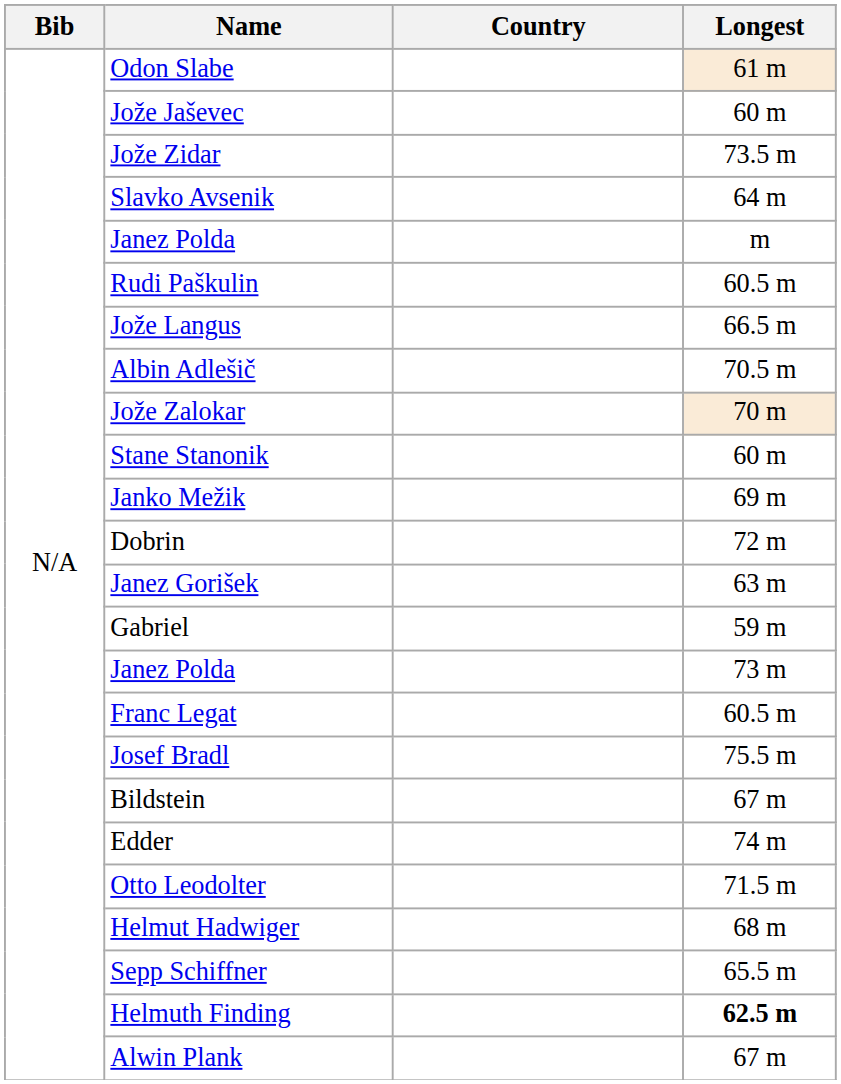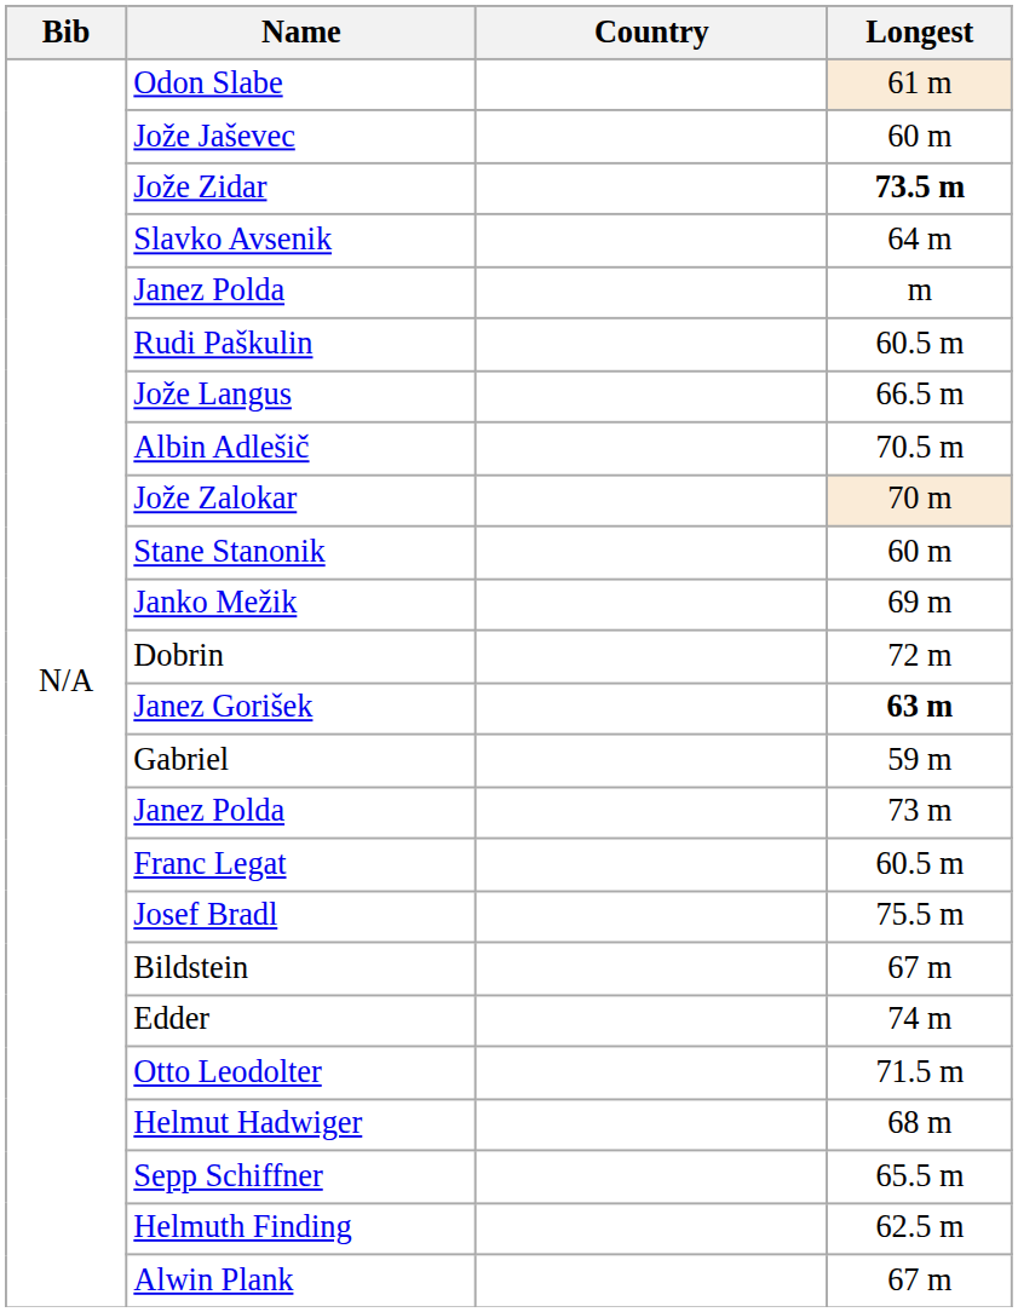 <table class="wikitable collapsible autocollapse sortable" cellpadding="3" cellspacing="0" border="1" style="background:#fff; font-size:86%; width:22%; line-height:16px; border:grey solid 1px; border-collapse:collapse;">
 <tr>
 <th width="30">Bib</th>
 <th width="100">Name</th>
 <th width="100">Country</th>
 <th width="50">Longest</th>
 </tr>
 <tr>
 <td align=center rowspan=24>N/A</td>
 <td><a href='#'>Odon Slabe</a></td>
 <td></td>
 <td align=center bgcolor=#FAEBD7>61 m</td>
 </tr>
 <tr>
 <td><a href='#'>Jože Jaševec</a></td>
 <td></td>
 <td align=center>60 m</td>
 </tr>
 <tr>
 <td><a href='#'>Jože Zidar</a></td>
 <td></td>
-<td align=center>73.5 m</td>
+<td align=center><strong>73.5 m</strong></td>
 </tr>
 <tr>
 <td><a href='#'>Slavko Avsenik</a></td>
 <td></td>
 <td align=center>64 m</td>
 </tr>
 <tr>
 <td><a href='#'>Janez Polda</a></td>
 <td></td>
 <td align=center>m</td>
 </tr>
 <tr>
 <td><a href='#'>Rudi Paškulin</a></td>
 <td></td>
 <td align=center>60.5 m</td>
 </tr>
 <tr>
 <td><a href='#'>Jože Langus</a></td>
 <td></td>
 <td align=center>66.5 m</td>
 </tr>
 <tr>
 <td><a href='#'>Albin Adlešič</a></td>
 <td></td>
 <td align=center>70.5 m</td>
 </tr>
 <tr>
 <td><a href='#'>Jože Zalokar</a></td>
 <td></td>
 <td align=center bgcolor=#FAEBD7>70 m</td>
 </tr>
 <tr>
 <td><a href='#'>Stane Stanonik</a></td>
 <td></td>
 <td align=center>60 m</td>
 </tr>
 <tr>
 <td><a href='#'>Janko Mežik</a></td>
 <td></td>
 <td align=center>69 m</td>
 </tr>
 <tr>
 <td>Dobrin</td>
 <td></td>
 <td align=center>72 m</td>
 </tr>
 <tr>
 <td><a href='#'>Janez Gorišek</a></td>
 <td></td>
-<td align=center>63 m</td>
+<td align=center><strong>63 m</strong></td>
 </tr>
 <tr>
 <td>Gabriel</td>
 <td></td>
 <td align=center>59 m</td>
 </tr>
 <tr>
 <td><a href='#'>Janez Polda</a></td>
 <td></td>
 <td align=center>73 m</td>
 </tr>
 <tr>
 <td><a href='#'>Franc Legat</a></td>
 <td></td>
 <td align=center>60.5 m</td>
 </tr>
 <tr>
 <td><a href='#'>Josef Bradl</a></td>
 <td></td>
 <td align=center>75.5 m</td>
 </tr>
 <tr>
 <td>Bildstein</td>
 <td></td>
 <td align=center>67 m</td>
 </tr>
 <tr>
 <td>Edder</td>
 <td></td>
 <td align=center>74 m</td>
 </tr>
 <tr>
 <td><a href='#'>Otto Leodolter</a></td>
 <td></td>
 <td align=center>71.5 m</td>
 </tr>
 <tr>
 <td><a href='#'>Helmut Hadwiger</a></td>
 <td></td>
 <td align=center>68 m</td>
 </tr>
 <tr>
 <td><a href='#'>Sepp Schiffner</a></td>
 <td></td>
 <td align=center>65.5 m</td>
 </tr>
 <tr>
 <td><a href='#'>Helmuth Finding</a></td>
 <td></td>
-<td align=center><strong>62.5 m</strong></td>
+<td align=center>62.5 m</td>
 </tr>
 <tr>
 <td><a href='#'>Alwin Plank</a></td>
 <td></td>
 <td align=center>67 m</td>
 </tr>
 </table>
